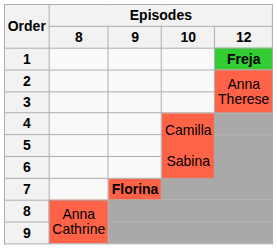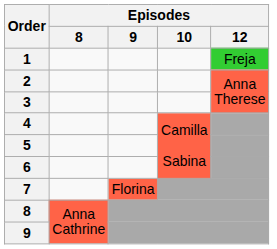 <table class="wikitable" style="text-align:center; font-size:92%">
 <tr>
 <th rowspan="2">Order</th>
 <th colspan="10">Episodes</th>
 </tr>
 <tr>
 <th>8</th>
 <th>9</th>
 <th>10</th>
 <th>12</th>
 </tr>
 <tr>
 <th>1</th>
 <td></td>
 <td></td>
 <td></td>
-<td width="50" style="background:limegreen;"><strong>Freja</strong></td>
+<td width="50" style="background:limegreen;">Freja</td>
 </tr>
 <tr>
 <th>2</th>
 <td></td>
 <td></td>
 <td></td>
 <td rowspan="2" style="background:tomato;">Anna<br>Therese</td>
 </tr>
 <tr>
 <th>3</th>
 <td></td>
 <td></td>
 <td></td>
 </tr>
 <tr>
 <th>4</th>
 <td></td>
 <td></td>
 <td rowspan="3" style="background:tomato;">Camilla<br><br>Sabina</td>
 <td bgcolor="darkgray" colspan="1"></td>
 </tr>
 <tr>
 <th>5</th>
 <td></td>
 <td></td>
 <td bgcolor="darkgray" colspan="1"></td>
 </tr>
 <tr>
 <th>6</th>
 <td></td>
 <td></td>
 <td bgcolor="darkgray" colspan="1"></td>
 </tr>
 <tr>
 <th>7</th>
 <td></td>
-<td style="background:tomato;"><strong>Florina</strong></td>
+<td style="background:tomato;">Florina</td>
 <td bgcolor="darkgray" colspan="2"></td>
 </tr>
 <tr>
 <th>8</th>
 <td rowspan="2" style="background:tomato;">Anna<br>Cathrine <br></td>
 <td bgcolor="darkgray" colspan="3"></td>
 </tr>
 <tr>
 <th>9</th>
 <td bgcolor="darkgray" colspan="3"></td>
 </tr>
 </table>
